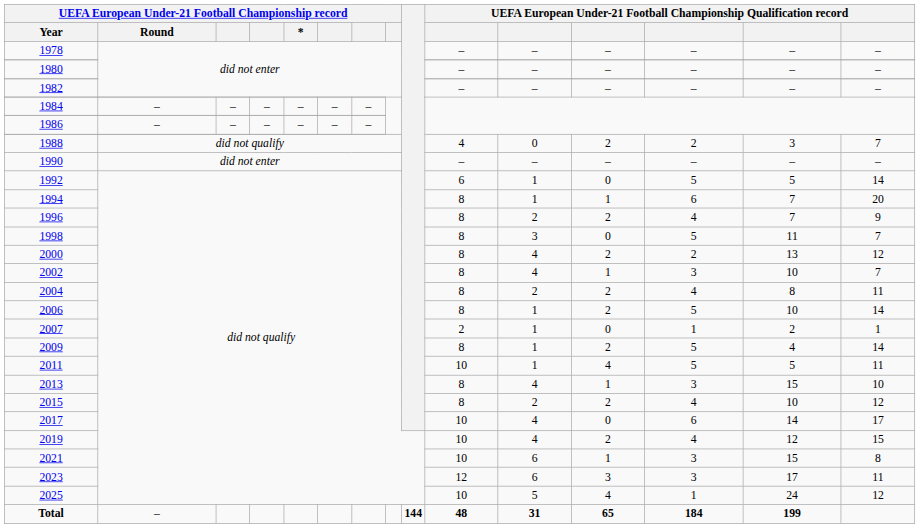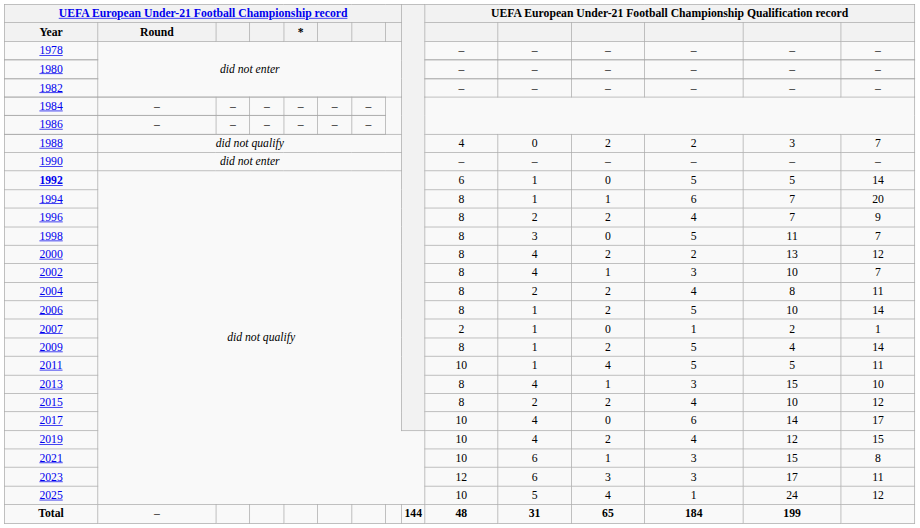 <table class="wikitable" style="text-align:center">
 <tr>
 <th colspan=8><a href='#'>UEFA European Under-21 Football Championship record</a></th>
 <th width=1% rowspan=28></th>
 <th colspan=6>UEFA European Under-21 Football Championship Qualification record</th>
 </tr>
 <tr>
 <th>Year</th>
 <th>Round</th>
 <th></th>
 <th></th>
 <th> *</th>
 <th></th>
 <th></th>
 <th></th>
 <th></th>
 <th></th>
 <th></th>
 <th></th>
 <th></th>
 <th></th>
 </tr>
 <tr>
 <td><a href='#'>1978</a></td>
 <td rowspan="5" colspan=7><em>did not enter</em></td>
 <td>–</td>
 <td>–</td>
 <td>–</td>
 <td>–</td>
 <td>–</td>
 <td>–</td>
 </tr>
 <tr>
 </tr>
 <tr>
 <td><a href='#'>1980</a></td>
 <td>–</td>
 <td>–</td>
 <td>–</td>
 <td>–</td>
 <td>–</td>
 <td>–</td>
 </tr>
 <tr>
 </tr>
 <tr>
 <td><a href='#'>1982</a></td>
 <td>–</td>
 <td>–</td>
 <td>–</td>
 <td>–</td>
 <td>–</td>
 <td>–</td>
 </tr>
 <tr>
 </tr>
 <tr>
 <td><a href='#'>1984</a></td>
 <td>–</td>
 <td>–</td>
 <td>–</td>
 <td>–</td>
 <td>–</td>
 <td>–</td>
 </tr>
 <tr>
 </tr>
 <tr>
 <td><a href='#'>1986</a></td>
 <td>–</td>
 <td>–</td>
 <td>–</td>
 <td>–</td>
 <td>–</td>
 <td>–</td>
 </tr>
 <tr>
 </tr>
 <tr>
 <td><a href='#'>1988</a></td>
 <td colspan=7><em>did not qualify</em></td>
 <td>4</td>
 <td>0</td>
 <td>2</td>
 <td>2</td>
 <td>3</td>
 <td>7</td>
 </tr>
 <tr>
 <td><a href='#'>1990</a></td>
 <td colspan=7><em>did not enter</em></td>
 <td>–</td>
 <td>–</td>
 <td>–</td>
 <td>–</td>
 <td>–</td>
 <td>–</td>
 </tr>
 <tr>
-<td><a href='#'>1992</a></td>
+<td><strong><a href='#'>1992</a></strong></td>
 <td rowspan="18" colspan=8><em>did not qualify</em></td>
 <td>6</td>
 <td>1</td>
 <td>0</td>
 <td>5</td>
 <td>5</td>
 <td>14</td>
 </tr>
 <tr>
 <td> <a href='#'>1994</a></td>
 <td>8</td>
 <td>1</td>
 <td>1</td>
 <td>6</td>
 <td>7</td>
 <td>20</td>
 </tr>
 <tr>
 <td> <a href='#'>1996</a></td>
 <td>8</td>
 <td>2</td>
 <td>2</td>
 <td>4</td>
 <td>7</td>
 <td>9</td>
 </tr>
 <tr>
 <td> <a href='#'>1998</a></td>
 <td>8</td>
 <td>3</td>
 <td>0</td>
 <td>5</td>
 <td>11</td>
 <td>7</td>
 </tr>
 <tr>
 <td> <a href='#'>2000</a></td>
 <td>8</td>
 <td>4</td>
 <td>2</td>
 <td>2</td>
 <td>13</td>
 <td>12</td>
 </tr>
 <tr>
 <td> <a href='#'>2002</a></td>
 <td>8</td>
 <td>4</td>
 <td>1</td>
 <td>3</td>
 <td>10</td>
 <td>7</td>
 </tr>
 <tr>
 <td> <a href='#'>2004</a></td>
 <td>8</td>
 <td>2</td>
 <td>2</td>
 <td>4</td>
 <td>8</td>
 <td>11</td>
 </tr>
 <tr>
 <td> <a href='#'>2006</a></td>
 <td>8</td>
 <td>1</td>
 <td>2</td>
 <td>5</td>
 <td>10</td>
 <td>14</td>
 </tr>
 <tr>
 <td> <a href='#'>2007</a></td>
 <td>2</td>
 <td>1</td>
 <td>0</td>
 <td>1</td>
 <td>2</td>
 <td>1</td>
 </tr>
 <tr>
 <td> <a href='#'>2009</a></td>
 <td>8</td>
 <td>1</td>
 <td>2</td>
 <td>5</td>
 <td>4</td>
 <td>14</td>
 </tr>
 <tr>
 <td> <a href='#'>2011</a></td>
 <td>10</td>
 <td>1</td>
 <td>4</td>
 <td>5</td>
 <td>5</td>
 <td>11</td>
 </tr>
 <tr>
 <td> <a href='#'>2013</a></td>
 <td>8</td>
 <td>4</td>
 <td>1</td>
 <td>3</td>
 <td>15</td>
 <td>10</td>
 </tr>
 <tr>
 <td> <a href='#'>2015</a></td>
 <td>8</td>
 <td>2</td>
 <td>2</td>
 <td>4</td>
 <td>10</td>
 <td>12</td>
 </tr>
 <tr>
 <td> <a href='#'>2017</a></td>
 <td>10</td>
 <td>4</td>
 <td>0</td>
 <td>6</td>
 <td>14</td>
 <td>17</td>
 </tr>
 <tr>
 <td> <a href='#'>2019</a></td>
 <td>10</td>
 <td>4</td>
 <td>2</td>
 <td>4</td>
 <td>12</td>
 <td>15</td>
 </tr>
 <tr>
 <td>  <a href='#'>2021</a></td>
 <td>10</td>
 <td>6</td>
 <td>1</td>
 <td>3</td>
 <td>15</td>
 <td>8</td>
 </tr>
 <tr>
 <td>  <a href='#'>2023</a></td>
 <td>12</td>
 <td>6</td>
 <td>3</td>
 <td>3</td>
 <td>17</td>
 <td>11</td>
 </tr>
 <tr>
 <td> <a href='#'>2025</a></td>
 <td>10</td>
 <td>5</td>
 <td>4</td>
 <td>1</td>
 <td>24</td>
 <td>12</td>
 </tr>
 <tr>
 <td><strong>Total</strong></td>
 <td>–</td>
 <td></td>
 <td></td>
 <td></td>
 <td></td>
 <td></td>
 <td></td>
 <td><strong>144</strong></td>
 <td><strong>48</strong></td>
 <td><strong>31</strong></td>
 <td><strong>65</strong></td>
 <td><strong>184</strong></td>
 <td><strong>199</strong></td>
 </tr>
 </table>
